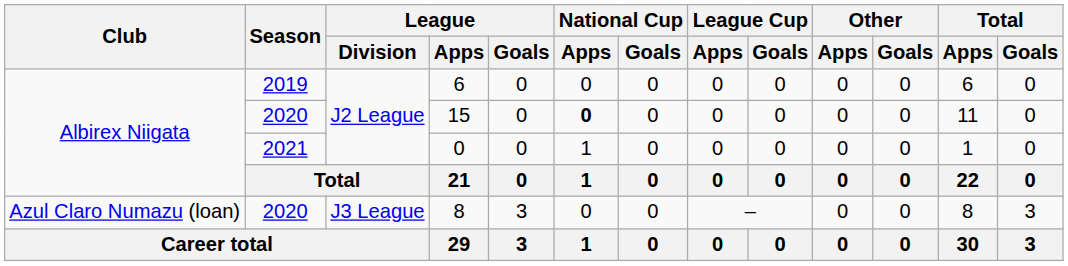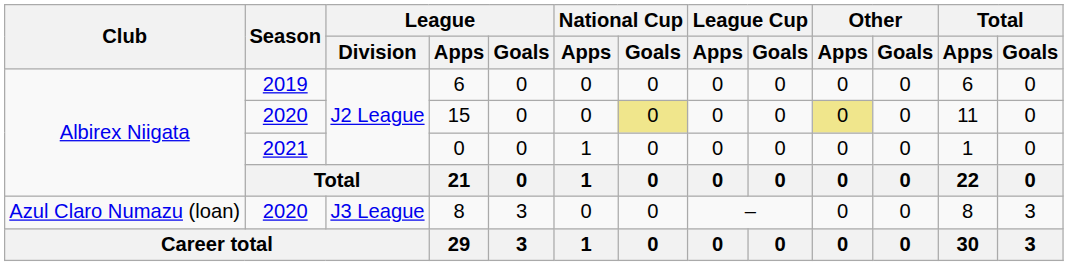 <table class="wikitable" style="text-align: center">
 <tr>
 <th rowspan="2">Club</th>
 <th rowspan="2">Season</th>
 <th colspan="3">League</th>
 <th colspan="2">National Cup</th>
 <th colspan="2">League Cup</th>
 <th colspan="2">Other</th>
 <th colspan="2">Total</th>
 </tr>
 <tr>
 <th>Division</th>
 <th>Apps</th>
 <th>Goals</th>
 <th>Apps</th>
 <th>Goals</th>
 <th>Apps</th>
 <th>Goals</th>
 <th>Apps</th>
 <th>Goals</th>
 <th>Apps</th>
 <th>Goals</th>
 </tr>
 <tr>
 <td rowspan="4"><a href='#'>Albirex Niigata</a></td>
 <td><a href='#'>2019</a></td>
 <td rowspan="3"><a href='#'>J2 League</a></td>
 <td>6</td>
 <td>0</td>
 <td>0</td>
 <td>0</td>
 <td>0</td>
 <td>0</td>
 <td>0</td>
 <td>0</td>
 <td>6</td>
 <td>0</td>
 </tr>
 <tr>
 <td><a href='#'>2020</a></td>
 <td>15</td>
 <td>0</td>
-<td><strong>0</strong></td>
+<td>0</td>
+<td style="background: khaki;">0</td>
 <td>0</td>
 <td>0</td>
-<td>0</td>
-<td>0</td>
+<td style="background: khaki;">0</td>
 <td>0</td>
 <td>11</td>
 <td>0</td>
 </tr>
 <tr>
 <td><a href='#'>2021</a></td>
 <td>0</td>
 <td>0</td>
 <td>1</td>
 <td>0</td>
 <td>0</td>
 <td>0</td>
 <td>0</td>
 <td>0</td>
 <td>1</td>
 <td>0</td>
 </tr>
 <tr>
 <th colspan=2>Total</th>
 <th>21</th>
 <th>0</th>
 <th>1</th>
 <th>0</th>
 <th>0</th>
 <th>0</th>
 <th>0</th>
 <th>0</th>
 <th>22</th>
 <th>0</th>
 </tr>
 <tr>
 <td><a href='#'>Azul Claro Numazu</a> (loan)</td>
 <td><a href='#'>2020</a></td>
 <td><a href='#'>J3 League</a></td>
 <td>8</td>
 <td>3</td>
 <td>0</td>
 <td>0</td>
 <td colspan="2">–</td>
 <td>0</td>
 <td>0</td>
 <td>8</td>
 <td>3</td>
 </tr>
 <tr>
 <th colspan=3>Career total</th>
 <th>29</th>
 <th>3</th>
 <th>1</th>
 <th>0</th>
 <th>0</th>
 <th>0</th>
 <th>0</th>
 <th>0</th>
 <th>30</th>
 <th>3</th>
 </tr>
 </table>
